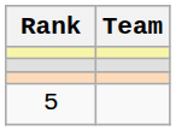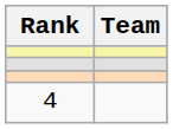 <table class="wikitable" style="text-align:center;">
 <tr>
 <th width=40>Rank</th>
 <th>Team</th>
 </tr>
 <tr style="background-color:#f7f6a8;">
 <td></td>
 <td style="text-align:left;"></td>
 </tr>
 <tr style="background-color:#e0e0e0;">
 <td></td>
 <td style="text-align:left;"></td>
 </tr>
 <tr style="background-color:#ffdab9;">
 <td></td>
 <td style="text-align:left;"></td>
 </tr>
 <tr>
-<td>5</td>
+<td>4</td>
 <td style="text-align:left;"></td>
 </tr>
 </table>
